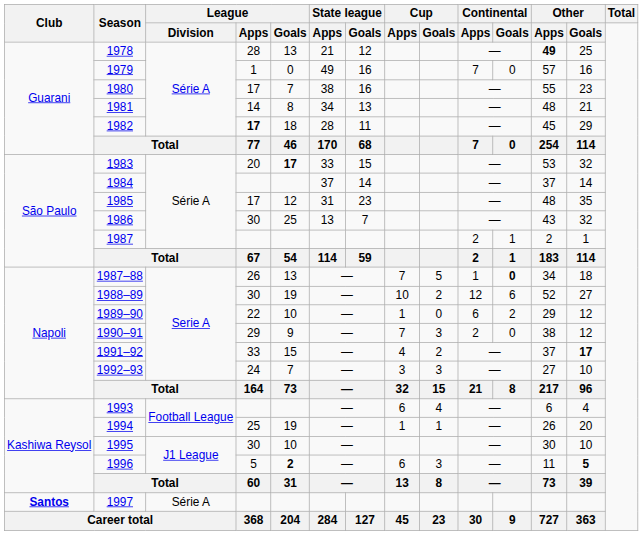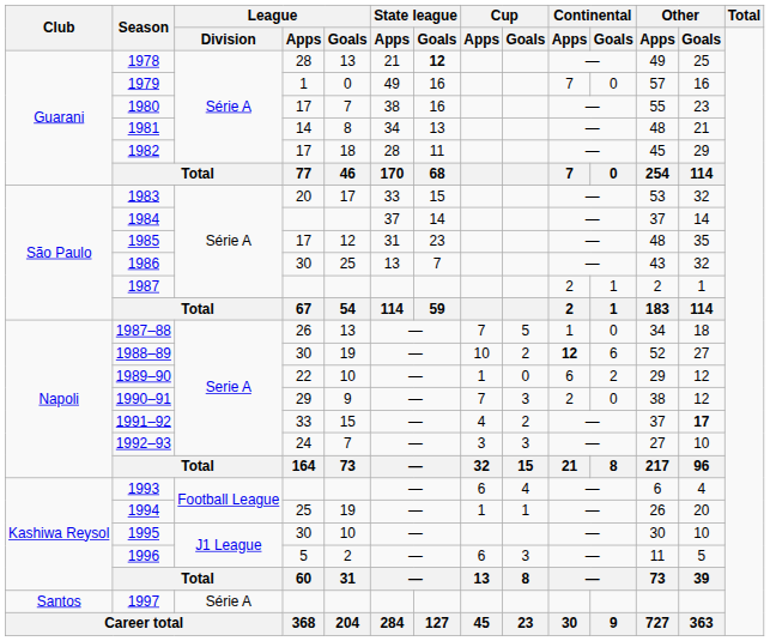 <table class=wikitable style=text-align:center>
 <tr>
 <th rowspan="2">Club</th>
 <th rowspan="2">Season</th>
 <th colspan="3">League</th>
 <th colspan="2">State league</th>
 <th colspan="2">Cup</th>
 <th colspan="2">Continental</th>
 <th colspan="2">Other</th>
 <th colspan="2">Total</th>
 </tr>
 <tr>
 <th>Division</th>
 <th>Apps</th>
 <th>Goals</th>
 <th>Apps</th>
 <th>Goals</th>
 <th>Apps</th>
 <th>Goals</th>
 <th>Apps</th>
 <th>Goals</th>
 <th>Apps</th>
 <th>Goals</th>
 </tr>
 <tr>
 <td rowspan="6"><a href='#'>Guarani</a></td>
 <td><a href='#'>1978</a></td>
 <td rowspan="5"><a href='#'>Série A</a></td>
 <td>28</td>
 <td>13</td>
 <td>21</td>
-<td>12</td>
+<td><strong>12</strong></td>
 <td></td>
 <td></td>
 <td colspan="2">—</td>
-<td><strong>49</strong></td>
+<td>49</td>
 <td>25</td>
 </tr>
 <tr>
 <td><a href='#'>1979</a></td>
 <td>1</td>
 <td>0</td>
 <td>49</td>
 <td>16</td>
 <td></td>
 <td></td>
 <td>7</td>
 <td>0</td>
 <td>57</td>
 <td>16</td>
 </tr>
 <tr>
 <td><a href='#'>1980</a></td>
 <td>17</td>
 <td>7</td>
 <td>38</td>
 <td>16</td>
 <td></td>
 <td></td>
 <td colspan="2">—</td>
 <td>55</td>
 <td>23</td>
 </tr>
 <tr>
 <td><a href='#'>1981</a></td>
 <td>14</td>
 <td>8</td>
 <td>34</td>
 <td>13</td>
 <td></td>
 <td></td>
 <td colspan="2">—</td>
 <td>48</td>
 <td>21</td>
 </tr>
 <tr>
 <td><a href='#'>1982</a></td>
-<td><strong>17</strong></td>
+<td>17</td>
 <td>18</td>
 <td>28</td>
 <td>11</td>
 <td></td>
 <td></td>
 <td colspan="2">—</td>
 <td>45</td>
 <td>29</td>
 </tr>
 <tr>
 <th colspan="2">Total</th>
 <th>77</th>
 <th>46</th>
 <th>170</th>
 <th>68</th>
 <th></th>
 <th></th>
 <th>7</th>
 <th>0</th>
 <th>254</th>
 <th>114</th>
 </tr>
 <tr>
 <td rowspan="6"><a href='#'>São Paulo</a></td>
 <td><a href='#'>1983</a></td>
 <td rowspan="5">Série A</td>
 <td>20</td>
-<td><strong>17</strong></td>
+<td>17</td>
 <td>33</td>
 <td>15</td>
 <td></td>
 <td></td>
 <td colspan="2">—</td>
 <td>53</td>
 <td>32</td>
 </tr>
 <tr>
 <td><a href='#'>1984</a></td>
 <td></td>
 <td></td>
 <td>37</td>
 <td>14</td>
 <td></td>
 <td></td>
 <td colspan="2">—</td>
 <td>37</td>
 <td>14</td>
 </tr>
 <tr>
 <td><a href='#'>1985</a></td>
 <td>17</td>
 <td>12</td>
 <td>31</td>
 <td>23</td>
 <td></td>
 <td></td>
 <td colspan="2">—</td>
 <td>48</td>
 <td>35</td>
 </tr>
 <tr>
 <td><a href='#'>1986</a></td>
 <td>30</td>
 <td>25</td>
 <td>13</td>
 <td>7</td>
 <td></td>
 <td></td>
 <td colspan="2">—</td>
 <td>43</td>
 <td>32</td>
 </tr>
 <tr>
 <td><a href='#'>1987</a></td>
 <td></td>
 <td></td>
 <td></td>
 <td></td>
 <td></td>
 <td></td>
 <td>2</td>
 <td>1</td>
 <td>2</td>
 <td>1</td>
 </tr>
 <tr>
 <th colspan="2">Total</th>
 <th>67</th>
 <th>54</th>
 <th>114</th>
 <th>59</th>
 <th></th>
 <th></th>
 <th>2</th>
 <th>1</th>
 <th>183</th>
 <th>114</th>
 </tr>
 <tr>
 <td rowspan="7"><a href='#'>Napoli</a></td>
 <td><a href='#'>1987–88</a></td>
 <td rowspan="6"><a href='#'>Serie A</a></td>
 <td>26</td>
 <td>13</td>
 <td colspan="2">—</td>
 <td>7</td>
 <td>5</td>
 <td>1</td>
-<td><strong>0</strong></td>
+<td>0</td>
 <td>34</td>
 <td>18</td>
 </tr>
 <tr>
 <td><a href='#'>1988–89</a></td>
 <td>30</td>
 <td>19</td>
 <td colspan="2">—</td>
 <td>10</td>
 <td>2</td>
-<td>12</td>
+<td><strong>12</strong></td>
 <td>6</td>
 <td>52</td>
 <td>27</td>
 </tr>
 <tr>
 <td><a href='#'>1989–90</a></td>
 <td>22</td>
 <td>10</td>
 <td colspan="2">—</td>
 <td>1</td>
 <td>0</td>
 <td>6</td>
 <td>2</td>
 <td>29</td>
 <td>12</td>
 </tr>
 <tr>
 <td><a href='#'>1990–91</a></td>
 <td>29</td>
 <td>9</td>
 <td colspan="2">—</td>
 <td>7</td>
 <td>3</td>
 <td>2</td>
 <td>0</td>
 <td>38</td>
 <td>12</td>
 </tr>
 <tr>
 <td><a href='#'>1991–92</a></td>
 <td>33</td>
 <td>15</td>
 <td colspan="2">—</td>
 <td>4</td>
 <td>2</td>
 <td colspan="2">—</td>
 <td>37</td>
 <td><strong>17</strong></td>
 </tr>
 <tr>
 <td><a href='#'>1992–93</a></td>
 <td>24</td>
 <td>7</td>
 <td colspan="2">—</td>
 <td>3</td>
 <td>3</td>
 <td colspan="2">—</td>
 <td>27</td>
 <td>10</td>
 </tr>
 <tr>
 <th colspan="2">Total</th>
 <th>164</th>
 <th>73</th>
 <th colspan="2">—</th>
 <th>32</th>
 <th>15</th>
 <th>21</th>
 <th>8</th>
 <th>217</th>
 <th>96</th>
 </tr>
 <tr>
 <td rowspan="5"><a href='#'>Kashiwa Reysol</a></td>
 <td><a href='#'>1993</a></td>
 <td rowspan="2"><a href='#'>Football League</a></td>
 <td></td>
 <td></td>
 <td colspan="2">—</td>
 <td>6</td>
 <td>4</td>
 <td colspan="2">—</td>
 <td>6</td>
 <td>4</td>
 </tr>
 <tr>
 <td><a href='#'>1994</a></td>
 <td>25</td>
 <td>19</td>
 <td colspan="2">—</td>
 <td>1</td>
 <td>1</td>
 <td colspan="2">—</td>
 <td>26</td>
 <td>20</td>
 </tr>
 <tr>
 <td><a href='#'>1995</a></td>
 <td rowspan="2"><a href='#'>J1 League</a></td>
 <td>30</td>
 <td>10</td>
 <td colspan="2">—</td>
 <td></td>
 <td></td>
 <td colspan="2">—</td>
 <td>30</td>
 <td>10</td>
 </tr>
 <tr>
 <td><a href='#'>1996</a></td>
 <td>5</td>
-<td><strong>2</strong></td>
+<td>2</td>
 <td colspan="2">—</td>
 <td>6</td>
 <td>3</td>
 <td colspan="2">—</td>
 <td>11</td>
-<td><strong>5</strong></td>
+<td>5</td>
 </tr>
 <tr>
 <th colspan="2">Total</th>
 <th>60</th>
 <th>31</th>
 <th colspan="2">—</th>
 <th>13</th>
 <th>8</th>
 <th colspan="2">—</th>
 <th>73</th>
 <th>39</th>
 </tr>
 <tr>
-<td><strong><a href='#'>Santos</a></strong></td>
+<td><a href='#'>Santos</a></td>
 <td><a href='#'>1997</a></td>
 <td>Série A</td>
 <td></td>
 <td></td>
 <td></td>
 <td></td>
 <td></td>
 <td></td>
 <td></td>
 <td></td>
 <td></td>
 <td></td>
 </tr>
 <tr>
 <th colspan="3">Career total</th>
 <th>368</th>
 <th>204</th>
 <th>284</th>
 <th>127</th>
 <th>45</th>
 <th>23</th>
 <th>30</th>
 <th>9</th>
 <th>727</th>
 <th>363</th>
 </tr>
 </table>
